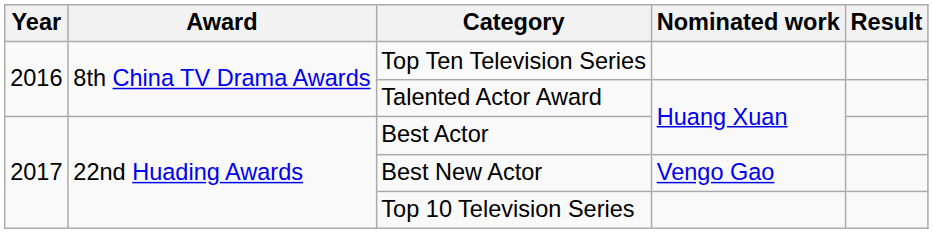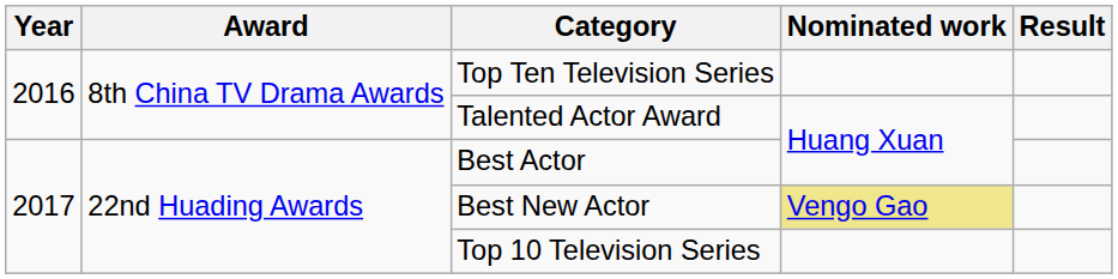 <table class="wikitable">
 <tr>
 <th>Year</th>
 <th>Award</th>
 <th>Category</th>
 <th>Nominated work</th>
 <th>Result</th>
 </tr>
 <tr>
 <td rowspan=2>2016</td>
 <td rowspan=2>8th <a href='#'>China TV Drama Awards</a></td>
 <td>Top Ten Television Series</td>
 <td></td>
 <td></td>
 </tr>
 <tr>
 <td>Talented Actor Award</td>
 <td rowspan=2><a href='#'>Huang Xuan</a></td>
 <td></td>
 </tr>
 <tr>
 <td rowspan=3>2017</td>
 <td rowspan=3>22nd <a href='#'>Huading Awards</a></td>
 <td>Best Actor</td>
 <td></td>
 </tr>
 <tr>
 <td>Best New Actor</td>
-<td><a href='#'>Vengo Gao</a></td>
+<td style="background: khaki;"><a href='#'>Vengo Gao</a></td>
 <td></td>
 </tr>
 <tr>
 <td>Top 10 Television Series</td>
 <td></td>
 <td></td>
 </tr>
 </table>
